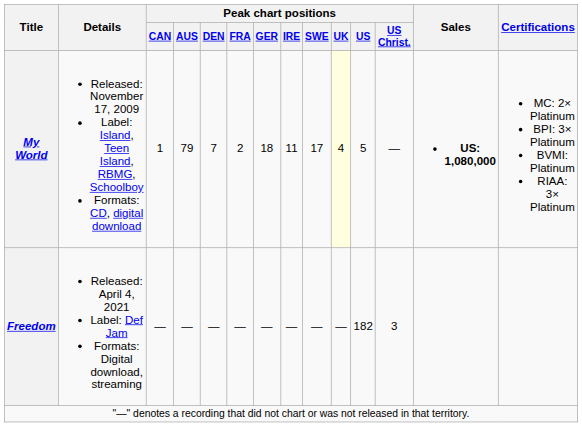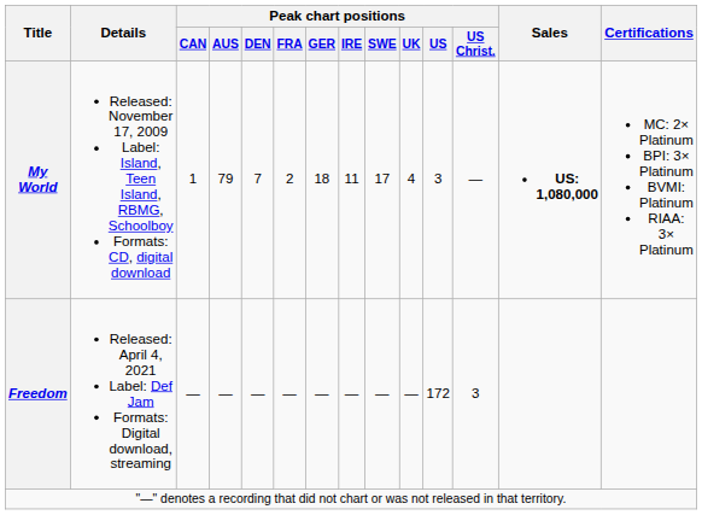 <table class="wikitable plainrowheaders" style="text-align:center;">
 <tr>
 <th scope="col" rowspan="2" style="width:10em;">Title</th>
 <th scope="col" rowspan="2" style="width:16em;">Details</th>
 <th scope="col" colspan="10">Peak chart positions</th>
 <th scope="col" rowspan="2" style="width:10em;">Sales</th>
 <th scope="col" rowspan="2" style="width:12em;"><a href='#'>Certifications</a></th>
 </tr>
 <tr>
 <th scope="col" style="width:2.5em;font-size:90%;"><a href='#'>CAN</a><br></th>
 <th scope="col" style="width:2.5em;font-size:90%;"><a href='#'>AUS</a><br></th>
 <th scope="col" style="width:2.5em;font-size:90%;"><a href='#'>DEN</a><br></th>
 <th scope="col" style="width:2.5em;font-size:90%;"><a href='#'>FRA</a><br></th>
 <th scope="col" style="width:2.5em;font-size:90%;"><a href='#'>GER</a><br></th>
 <th scope="col" style="width:2.5em;font-size:90%;"><a href='#'>IRE</a><br></th>
 <th scope="col" style="width:2.5em;font-size:90%;"><a href='#'>SWE</a><br></th>
 <th scope="col" style="width:2.5em;font-size:90%;"><a href='#'>UK</a><br></th>
 <th scope="col" style="width:2.5em;font-size:90%;"><a href='#'>US</a><br></th>
 <th scope="col" style="width:2.5em;font-size:90%;"><a href='#'>US<br>Christ.</a><br></th>
 </tr>
 <tr>
 <th scope="row"><em><a href='#'>My World</a></em></th>
 <td><br><ul><li>Released: November 17, 2009</li><li>Label: <a href='#'>Island</a>, <a href='#'>Teen Island</a>, <a href='#'>RBMG</a>, <a href='#'>Schoolboy</a></li><li>Formats: <a href='#'>CD</a>, <a href='#'>digital download</a></li></ul></td>
 <td>1</td>
 <td>79</td>
 <td>7</td>
 <td>2</td>
 <td>18</td>
 <td>11</td>
 <td>17</td>
-<td style="background: lightyellow;">4</td>
-<td>5</td>
+<td>4</td>
+<td>3</td>
 <td>—</td>
 <td><strong><br><ul><li>US: 1,080,000</li></ul></strong></td>
 <td><br><ul><li>MC: 2× Platinum</li><li>BPI: 3× Platinum</li><li>BVMI: Platinum</li><li>RIAA: 3× Platinum</li></ul></td>
 </tr>
 <tr>
 <th scope="row"><em><a href='#'>Freedom</a></em></th>
 <td><br><ul><li>Released: April 4, 2021</li><li>Label: <a href='#'>Def Jam</a></li><li>Formats: Digital download, streaming</li></ul></td>
 <td>—</td>
 <td>—</td>
 <td>—</td>
 <td>—</td>
 <td>—</td>
 <td>—</td>
 <td>—</td>
 <td>—</td>
-<td>182</td>
+<td>172</td>
 <td>3</td>
 <td></td>
 <td></td>
 </tr>
 <tr>
 <td colspan="14" style="font-size:90%">"—" denotes a recording that did not chart or was not released in that territory.</td>
 </tr>
 </table>
